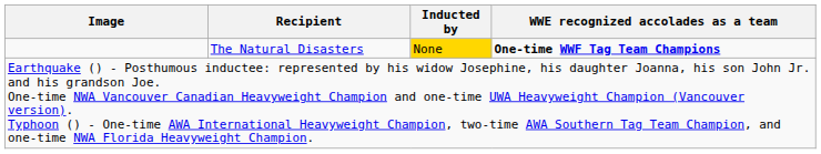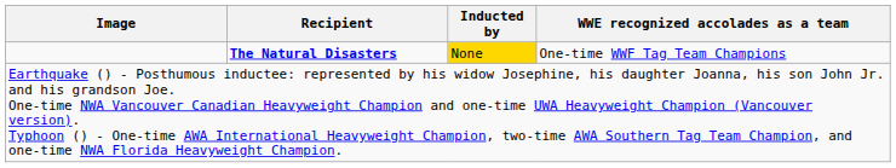 <table class="wikitable">
 <tr>
 <th style="width:25%;">Image</th>
 <th style="width:25%;">Recipient<br></th>
 <th style="width:10%;">Inducted by</th>
 <th class="unsortable">WWE recognized accolades as a team</th>
 </tr>
 <tr>
 <td></td>
-<td><a href='#'>The Natural Disasters</a></td>
+<td><strong><a href='#'>The Natural Disasters</a></strong></td>
 <td style="background: gold;">None</td>
-<td><strong>One-time <a href='#'>WWF Tag Team Champions</a></strong></td>
+<td>One-time <a href='#'>WWF Tag Team Champions</a></td>
 </tr>
 <tr>
 <td colspan="4"><a href='#'>Earthquake</a> () - Posthumous inductee: represented by his widow Josephine, his daughter Joanna, his son John Jr. and his grandson Joe.<br>One-time <a href='#'>NWA Vancouver Canadian Heavyweight Champion</a> and one-time <a href='#'>UWA Heavyweight Champion (Vancouver version)</a>.<br><a href='#'>Typhoon</a> () - One-time <a href='#'>AWA International Heavyweight Champion</a>, two-time <a href='#'>AWA Southern Tag Team Champion</a>, and one-time <a href='#'>NWA Florida Heavyweight Champion</a>.</td>
 </tr>
 </table>
